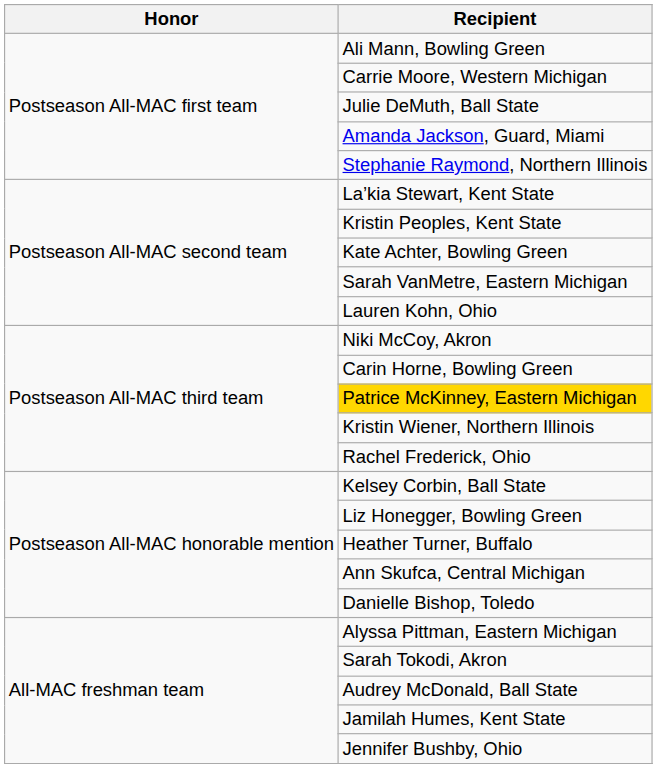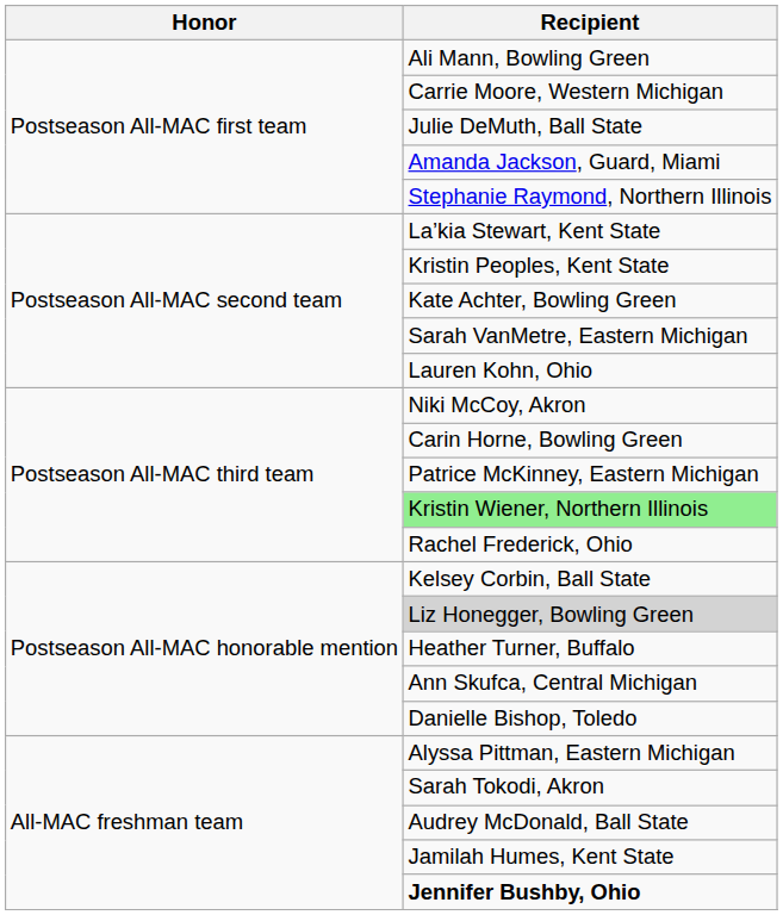 <table class="wikitable" border="1">
 <tr>
 <th>Honor</th>
 <th>Recipient</th>
 </tr>
 <tr>
 <td rowspan=5 valign=middle>Postseason All-MAC first team</td>
 <td>Ali Mann, Bowling Green</td>
 </tr>
 <tr>
 <td>Carrie Moore, Western Michigan</td>
 </tr>
 <tr>
 <td>Julie DeMuth, Ball State</td>
 </tr>
 <tr>
 <td><a href='#'>Amanda Jackson</a>, Guard, Miami</td>
 </tr>
 <tr>
 <td><a href='#'>Stephanie Raymond</a>, Northern Illinois</td>
 </tr>
 <tr>
 <td rowspan=5 valign=middle>Postseason All-MAC second team</td>
 <td>La’kia Stewart, Kent State</td>
 </tr>
 <tr>
 <td>Kristin Peoples, Kent State</td>
 </tr>
 <tr>
 <td>Kate Achter, Bowling Green</td>
 </tr>
 <tr>
 <td>Sarah VanMetre, Eastern Michigan</td>
 </tr>
 <tr>
 <td>Lauren Kohn, Ohio</td>
 </tr>
 <tr>
 <td rowspan=5 valign=middle>Postseason All-MAC third team</td>
 <td>Niki McCoy, Akron</td>
 </tr>
 <tr>
 <td>Carin Horne, Bowling Green</td>
 </tr>
 <tr>
-<td style="background: gold;">Patrice McKinney, Eastern Michigan</td>
+<td>Patrice McKinney, Eastern Michigan</td>
 </tr>
 <tr>
-<td>Kristin Wiener, Northern Illinois</td>
+<td style="background: lightgreen;">Kristin Wiener, Northern Illinois</td>
 </tr>
 <tr>
 <td>Rachel Frederick, Ohio</td>
 </tr>
 <tr>
 <td rowspan=5 valign=middle>Postseason All-MAC honorable mention</td>
 <td>Kelsey Corbin, Ball State</td>
 </tr>
 <tr>
-<td>Liz Honegger, Bowling Green</td>
+<td style="background: lightgrey;">Liz Honegger, Bowling Green</td>
 </tr>
 <tr>
 <td>Heather Turner, Buffalo</td>
 </tr>
 <tr>
 <td>Ann Skufca, Central Michigan</td>
 </tr>
 <tr>
 <td>Danielle Bishop, Toledo</td>
 </tr>
 <tr>
 <td rowspan=5 valign=middle>All-MAC freshman team</td>
 <td>Alyssa Pittman, Eastern Michigan</td>
 </tr>
 <tr>
 <td>Sarah Tokodi, Akron</td>
 </tr>
 <tr>
 <td>Audrey McDonald, Ball State</td>
 </tr>
 <tr>
 <td>Jamilah Humes, Kent State</td>
 </tr>
 <tr>
-<td>Jennifer Bushby, Ohio</td>
+<td><strong>Jennifer Bushby, Ohio</strong></td>
 </tr>
 <tr>
 </tr>
 </table>
